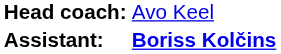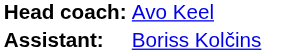 <table>
 <tr>
 <td><strong>Head coach:</strong></td>
 <td><a href='#'>Avo Keel</a></td>
 </tr>
 <tr>
 <td><strong>Assistant:</strong></td>
-<td><strong><a href='#'>Boriss Kolčins</a></strong></td>
+<td><a href='#'>Boriss Kolčins</a></td>
 </tr>
 </table>
